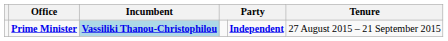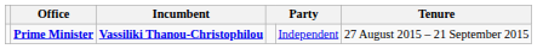 <table class="wikitable">
 <tr>
 <th></th>
 <th>Office</th>
 <th>Incumbent</th>
 <th colspan=2>Party</th>
 <th>Tenure</th>
 </tr>
 <tr>
 <td></td>
 <td><strong><a href='#'>Prime Minister</a></strong></td>
-<td style="background: lightblue;"><strong><a href='#'>Vassiliki Thanou-Christophilou</a></strong></td>
+<td><strong><a href='#'>Vassiliki Thanou-Christophilou</a></strong></td>
 <td width=5px style="background-color: "></td>
-<td><strong><a href='#'>Independent</a></strong></td>
+<td><a href='#'>Independent</a></td>
 <td>27 August 2015 – 21 September 2015</td>
 </tr>
 </table>
